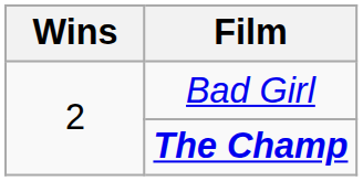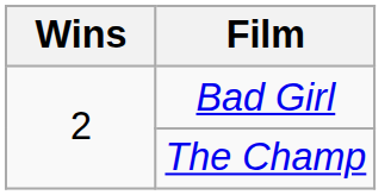 <table class="wikitable plainrowheaders" style="text-align: center; margin-right:1em;">
 <tr>
 <th scope="col" style="width:55px;">Wins</th>
 <th scope="col" style="text-align:center;">Film</th>
 </tr>
 <tr>
 <td scope="row" rowspan="2" style="text-align:center">2</td>
 <td><em><a href='#'>Bad Girl</a></em></td>
 </tr>
 <tr>
-<td><strong><em><a href='#'>The Champ</a></em></strong></td>
+<td><em><a href='#'>The Champ</a></em></td>
 </tr>
 </table>
